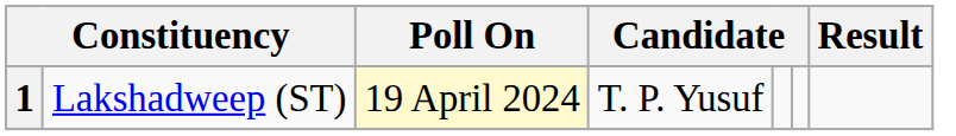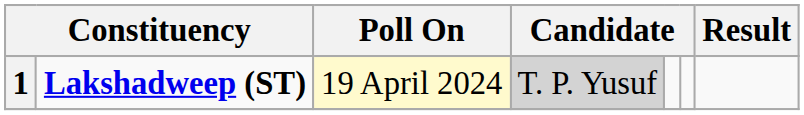 <table class="wikitable" style="text-align:center;">
 <tr>
 <th colspan="2">Constituency</th>
 <th>Poll On</th>
 <th colspan="3">Candidate</th>
 <th>Result</th>
 </tr>
 <tr>
 <th>1</th>
-<td><a href='#'>Lakshadweep</a> (ST)</td>
+<td><strong><a href='#'>Lakshadweep</a> (ST)</strong></td>
 <td bgcolor=#FFFACD>19 April 2024</td>
-<td>T. P. Yusuf</td>
+<td style="background: lightgrey;">T. P. Yusuf</td>
 <td></td>
 <td></td>
 </tr>
 <tr>
 </tr>
 </table>
